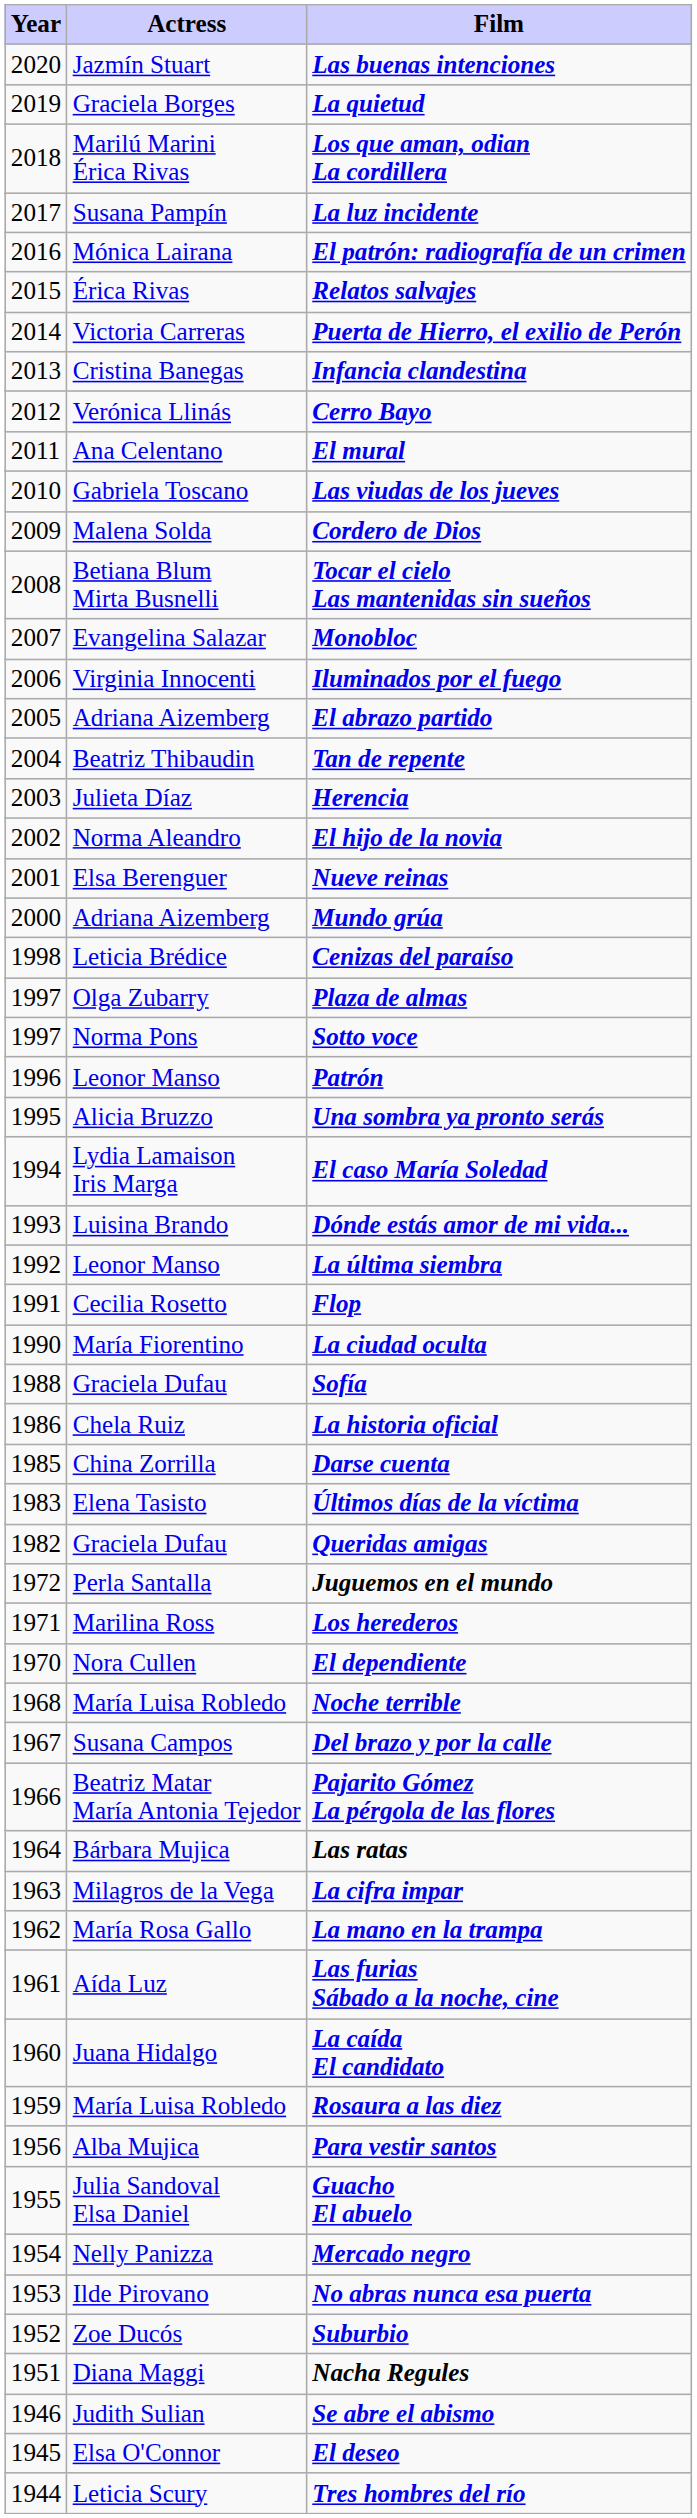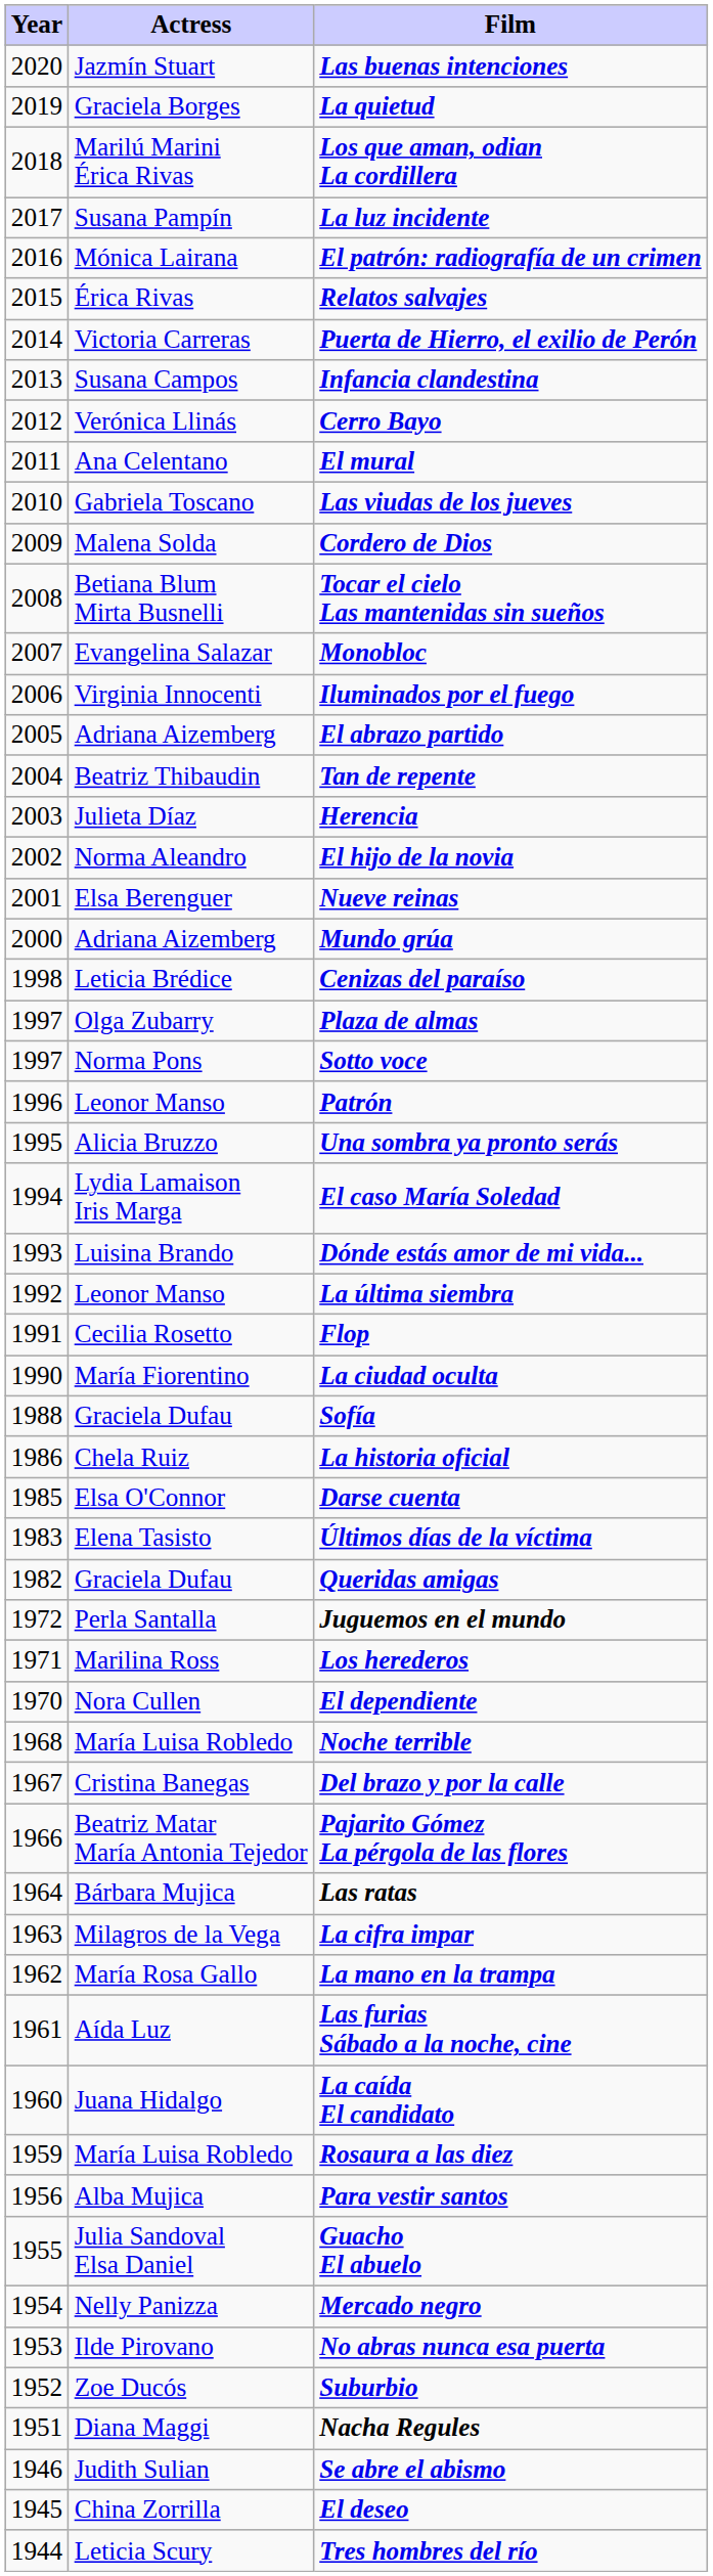 <table class="wikitable" style=" margin-left: auto; margin-right: auto">
 <tr>
 <th style="background:#ccf;">Year</th>
 <th style="background:#ccf;">Actress</th>
 <th style="background:#ccf;">Film</th>
 </tr>
 <tr>
 <td>2020</td>
 <td><a href='#'>Jazmín Stuart</a></td>
 <td><strong><em><a href='#'>Las buenas intenciones</a></em></strong></td>
 </tr>
 <tr>
 <td>2019</td>
 <td><a href='#'>Graciela Borges</a></td>
 <td><strong><em><a href='#'>La quietud</a></em></strong></td>
 </tr>
 <tr>
 <td>2018</td>
 <td><a href='#'>Marilú Marini</a><br><a href='#'>Érica Rivas</a></td>
 <td><strong><em><a href='#'>Los que aman, odian</a></em></strong><br><strong><em><a href='#'>La cordillera</a></em></strong></td>
 </tr>
 <tr>
 <td>2017</td>
 <td><a href='#'>Susana Pampín</a></td>
 <td><strong><em><a href='#'>La luz incidente</a></em></strong></td>
 </tr>
 <tr>
 <td>2016</td>
 <td><a href='#'>Mónica Lairana</a></td>
 <td><strong><em><a href='#'>El patrón: radiografía de un crimen</a></em></strong></td>
 </tr>
 <tr>
 <td>2015</td>
 <td><a href='#'>Érica Rivas</a></td>
 <td><strong><em><a href='#'>Relatos salvajes</a></em></strong></td>
 </tr>
 <tr>
 <td>2014</td>
 <td><a href='#'>Victoria Carreras</a></td>
 <td><strong><em><a href='#'>Puerta de Hierro, el exilio de Perón</a></em></strong></td>
 </tr>
 <tr>
 <td>2013</td>
-<td><a href='#'>Cristina Banegas</a></td>
+<td><a href='#'>Susana Campos</a></td>
 <td><strong><em><a href='#'>Infancia clandestina</a></em></strong></td>
 </tr>
 <tr>
 <td>2012</td>
 <td><a href='#'>Verónica Llinás</a></td>
 <td><strong><em><a href='#'>Cerro Bayo</a></em></strong></td>
 </tr>
 <tr>
 <td>2011</td>
 <td><a href='#'>Ana Celentano</a></td>
 <td><strong><em><a href='#'>El mural</a></em></strong></td>
 </tr>
 <tr>
 <td>2010</td>
 <td><a href='#'>Gabriela Toscano</a></td>
 <td><strong><em><a href='#'>Las viudas de los jueves</a></em></strong></td>
 </tr>
 <tr>
 <td>2009</td>
 <td><a href='#'>Malena Solda</a></td>
 <td><strong><em><a href='#'>Cordero de Dios</a></em></strong></td>
 </tr>
 <tr>
 <td>2008</td>
 <td><a href='#'>Betiana Blum</a><br><a href='#'>Mirta Busnelli</a></td>
 <td><strong><em><a href='#'>Tocar el cielo</a></em></strong><br><strong><em><a href='#'>Las mantenidas sin sueños</a></em></strong></td>
 </tr>
 <tr>
 <td>2007</td>
 <td><a href='#'>Evangelina Salazar</a></td>
 <td><strong><em><a href='#'>Monobloc</a></em></strong></td>
 </tr>
 <tr>
 <td>2006</td>
 <td><a href='#'>Virginia Innocenti</a></td>
 <td><strong><em><a href='#'>Iluminados por el fuego</a></em></strong></td>
 </tr>
 <tr>
 <td>2005</td>
 <td><a href='#'>Adriana Aizemberg</a></td>
 <td><strong><em><a href='#'>El abrazo partido</a></em></strong></td>
 </tr>
 <tr>
 <td>2004</td>
 <td><a href='#'>Beatriz Thibaudin</a></td>
 <td><strong><em><a href='#'>Tan de repente</a></em></strong></td>
 </tr>
 <tr>
 <td>2003</td>
 <td><a href='#'>Julieta Díaz</a></td>
 <td><strong><em><a href='#'>Herencia</a></em></strong></td>
 </tr>
 <tr>
 <td>2002</td>
 <td><a href='#'>Norma Aleandro</a></td>
 <td><strong><em><a href='#'>El hijo de la novia</a></em></strong></td>
 </tr>
 <tr>
 <td>2001</td>
 <td><a href='#'>Elsa Berenguer</a></td>
 <td><strong><em><a href='#'>Nueve reinas</a></em></strong></td>
 </tr>
 <tr>
 <td>2000</td>
 <td><a href='#'>Adriana Aizemberg</a></td>
 <td><strong><em><a href='#'>Mundo grúa</a></em></strong></td>
 </tr>
 <tr>
 <td>1998</td>
 <td><a href='#'>Leticia Brédice</a></td>
 <td><strong><em><a href='#'>Cenizas del paraíso</a></em></strong></td>
 </tr>
 <tr>
 <td>1997</td>
 <td><a href='#'>Olga Zubarry</a></td>
 <td><strong><em><a href='#'>Plaza de almas</a></em></strong></td>
 </tr>
 <tr>
 <td>1997</td>
 <td><a href='#'>Norma Pons</a></td>
 <td><strong><em><a href='#'>Sotto voce</a></em></strong></td>
 </tr>
 <tr>
 <td>1996</td>
 <td><a href='#'>Leonor Manso</a></td>
 <td><strong><em><a href='#'>Patrón</a></em></strong></td>
 </tr>
 <tr>
 <td>1995</td>
 <td><a href='#'>Alicia Bruzzo</a></td>
 <td><strong><em><a href='#'>Una sombra ya pronto serás</a></em></strong></td>
 </tr>
 <tr>
 <td>1994</td>
 <td><a href='#'>Lydia Lamaison</a><br><a href='#'>Iris Marga</a></td>
 <td><strong><em><a href='#'>El caso María Soledad</a></em></strong></td>
 </tr>
 <tr>
 <td>1993</td>
 <td><a href='#'>Luisina Brando</a></td>
 <td><strong><em><a href='#'>Dónde estás amor de mi vida...</a></em></strong></td>
 </tr>
 <tr>
 <td>1992</td>
 <td><a href='#'>Leonor Manso</a></td>
 <td><strong><em><a href='#'>La última siembra</a></em></strong></td>
 </tr>
 <tr>
 <td>1991</td>
 <td><a href='#'>Cecilia Rosetto</a></td>
 <td><strong><em><a href='#'>Flop</a></em></strong></td>
 </tr>
 <tr>
 <td>1990</td>
 <td><a href='#'>María Fiorentino</a></td>
 <td><strong><em><a href='#'>La ciudad oculta</a></em></strong></td>
 </tr>
 <tr>
 <td>1988</td>
 <td><a href='#'>Graciela Dufau</a></td>
 <td><strong><em><a href='#'>Sofía</a></em></strong></td>
 </tr>
 <tr>
 <td>1986</td>
 <td><a href='#'>Chela Ruiz</a></td>
 <td><strong><em><a href='#'>La historia oficial</a></em></strong></td>
 </tr>
 <tr>
 <td>1985</td>
-<td><a href='#'>China Zorrilla</a></td>
+<td><a href='#'>Elsa O'Connor</a></td>
 <td><strong><em><a href='#'>Darse cuenta</a></em></strong></td>
 </tr>
 <tr>
 <td>1983</td>
 <td><a href='#'>Elena Tasisto</a></td>
 <td><strong><em><a href='#'>Últimos días de la víctima</a></em></strong></td>
 </tr>
 <tr>
 <td>1982</td>
 <td><a href='#'>Graciela Dufau</a></td>
 <td><strong><em><a href='#'>Queridas amigas</a></em></strong></td>
 </tr>
 <tr>
 <td>1972</td>
 <td><a href='#'>Perla Santalla</a></td>
 <td><strong><em>Juguemos en el mundo</em></strong></td>
 </tr>
 <tr>
 <td>1971</td>
 <td><a href='#'>Marilina Ross</a></td>
 <td><strong><em><a href='#'>Los herederos</a></em></strong></td>
 </tr>
 <tr>
 <td>1970</td>
 <td><a href='#'>Nora Cullen</a></td>
 <td><strong><em><a href='#'>El dependiente</a></em></strong></td>
 </tr>
 <tr>
 <td>1968</td>
 <td><a href='#'>María Luisa Robledo</a></td>
 <td><strong><em><a href='#'>Noche terrible</a></em></strong></td>
 </tr>
 <tr>
 <td>1967</td>
-<td><a href='#'>Susana Campos</a></td>
+<td><a href='#'>Cristina Banegas</a></td>
 <td><strong><em><a href='#'>Del brazo y por la calle</a></em></strong></td>
 </tr>
 <tr>
 <td>1966</td>
 <td><a href='#'>Beatriz Matar</a><br><a href='#'>María Antonia Tejedor</a></td>
 <td><strong><em><a href='#'>Pajarito Gómez</a></em></strong><br><strong><em><a href='#'>La pérgola de las flores</a></em></strong></td>
 </tr>
 <tr>
 <td>1964</td>
 <td><a href='#'>Bárbara Mujica</a></td>
 <td><strong><em>Las ratas</em></strong></td>
 </tr>
 <tr>
 <td>1963</td>
 <td><a href='#'>Milagros de la Vega</a></td>
 <td><strong><em><a href='#'>La cifra impar</a></em></strong></td>
 </tr>
 <tr>
 <td>1962</td>
 <td><a href='#'>María Rosa Gallo</a></td>
 <td><strong><em><a href='#'>La mano en la trampa</a></em></strong></td>
 </tr>
 <tr>
 <td>1961</td>
 <td><a href='#'>Aída Luz</a></td>
 <td><strong><em><a href='#'>Las furias</a></em></strong> <br><strong><em><a href='#'>Sábado a la noche, cine</a></em></strong></td>
 </tr>
 <tr>
 <td>1960</td>
 <td><a href='#'>Juana Hidalgo</a></td>
 <td><strong><em><a href='#'>La caída</a></em></strong><br><strong><em><a href='#'>El candidato</a></em></strong></td>
 </tr>
 <tr>
 <td>1959</td>
 <td><a href='#'>María Luisa Robledo</a></td>
 <td><strong><em><a href='#'>Rosaura a las diez</a></em></strong></td>
 </tr>
 <tr>
 <td>1956</td>
 <td><a href='#'>Alba Mujica</a></td>
 <td><strong><em><a href='#'>Para vestir santos</a></em></strong></td>
 </tr>
 <tr>
 <td>1955</td>
 <td><a href='#'>Julia Sandoval</a><br><a href='#'>Elsa Daniel</a></td>
 <td><strong><em><a href='#'>Guacho</a></em></strong><br><strong><em><a href='#'>El abuelo</a></em></strong></td>
 </tr>
 <tr>
 <td>1954</td>
 <td><a href='#'>Nelly Panizza</a></td>
 <td><strong><em><a href='#'>Mercado negro</a></em></strong></td>
 </tr>
 <tr>
 <td>1953</td>
 <td><a href='#'>Ilde Pirovano</a></td>
 <td><strong><em><a href='#'>No abras nunca esa puerta</a></em></strong></td>
 </tr>
 <tr>
 <td>1952</td>
 <td><a href='#'>Zoe Ducós</a></td>
 <td><strong><em><a href='#'>Suburbio</a></em></strong></td>
 </tr>
 <tr>
 <td>1951</td>
 <td><a href='#'>Diana Maggi</a></td>
 <td><strong><em>Nacha Regules</em></strong></td>
 </tr>
 <tr>
 <td>1946</td>
 <td><a href='#'>Judith Sulian</a></td>
 <td><strong><em><a href='#'>Se abre el abismo</a></em></strong></td>
 </tr>
 <tr>
 <td>1945</td>
-<td><a href='#'>Elsa O'Connor</a></td>
+<td><a href='#'>China Zorrilla</a></td>
 <td><strong><em><a href='#'>El deseo</a></em></strong></td>
 </tr>
 <tr>
 <td>1944</td>
 <td><a href='#'>Leticia Scury</a></td>
 <td><strong><em><a href='#'>Tres hombres del río</a></em></strong></td>
 </tr>
 </table>
